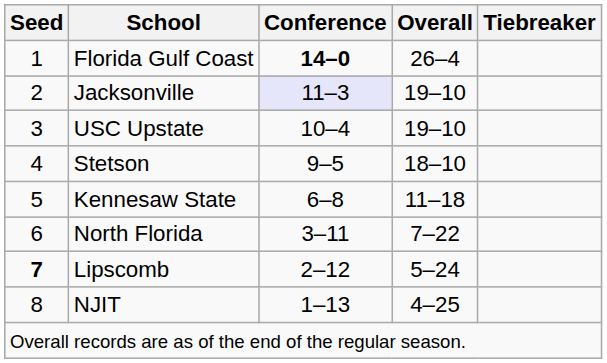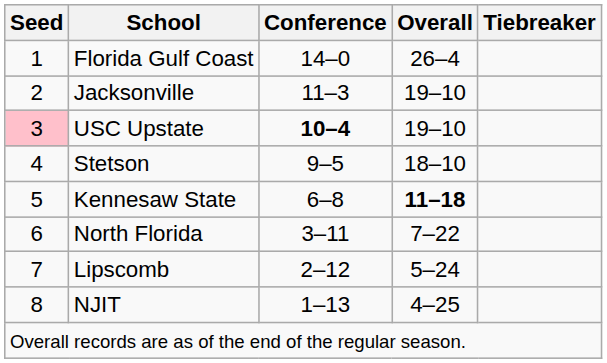 <table class="wikitable" style="white-space:nowrap; font-size:90%; text-align:center;">
 <tr>
 <th>Seed</th>
 <th>School</th>
 <th>Conference</th>
 <th>Overall</th>
 <th>Tiebreaker</th>
 </tr>
 <tr>
 <td>1</td>
 <td style="text-align:left;">Florida Gulf Coast</td>
-<td><strong>14–0</strong></td>
+<td>14–0</td>
 <td>26–4</td>
 <td></td>
 </tr>
 <tr>
 <td>2</td>
 <td style="text-align:left;">Jacksonville</td>
-<td style="background: lavender;">11–3</td>
+<td>11–3</td>
 <td>19–10</td>
 <td></td>
 </tr>
 <tr>
-<td>3</td>
+<td style="background: pink;">3</td>
 <td style="text-align:left;">USC Upstate</td>
-<td>10–4</td>
+<td><strong>10–4</strong></td>
 <td>19–10</td>
 <td></td>
 </tr>
 <tr>
 <td>4</td>
 <td style="text-align:left;">Stetson</td>
 <td>9–5</td>
 <td>18–10</td>
 <td></td>
 </tr>
 <tr>
 <td>5</td>
 <td style="text-align:left;">Kennesaw State</td>
 <td>6–8</td>
-<td>11–18</td>
+<td><strong>11–18</strong></td>
 <td></td>
 </tr>
 <tr>
 <td>6</td>
 <td style="text-align:left;">North Florida</td>
 <td>3–11</td>
 <td>7–22</td>
 <td></td>
 </tr>
 <tr>
-<td><strong>7</strong></td>
+<td>7</td>
 <td style="text-align:left;">Lipscomb</td>
 <td>2–12</td>
 <td>5–24</td>
 <td></td>
 </tr>
 <tr>
 <td>8</td>
 <td style="text-align:left;">NJIT</td>
 <td>1–13</td>
 <td>4–25</td>
 <td></td>
 </tr>
 <tr>
 <td colspan=5 style="text-align:left;"><small>Overall records are as of the end of the regular season.</small></td>
 </tr>
 </table>
